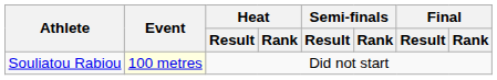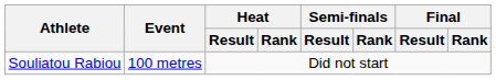 <table class="wikitable" style="font-size:90%; text-align:center">
 <tr>
 <th rowspan="2">Athlete</th>
 <th rowspan="2">Event</th>
 <th colspan="2">Heat</th>
 <th colspan="2">Semi-finals</th>
 <th colspan="2">Final</th>
 </tr>
 <tr>
 <th>Result</th>
 <th>Rank</th>
 <th>Result</th>
 <th>Rank</th>
 <th>Result</th>
 <th>Rank</th>
 </tr>
 <tr>
 <td align="left"><a href='#'>Souliatou Rabiou</a></td>
-<td align="left" style="background: lightyellow;"><a href='#'>100 metres</a></td>
+<td align="left"><a href='#'>100 metres</a></td>
 <td colspan="6">Did not start</td>
 </tr>
 </table>
